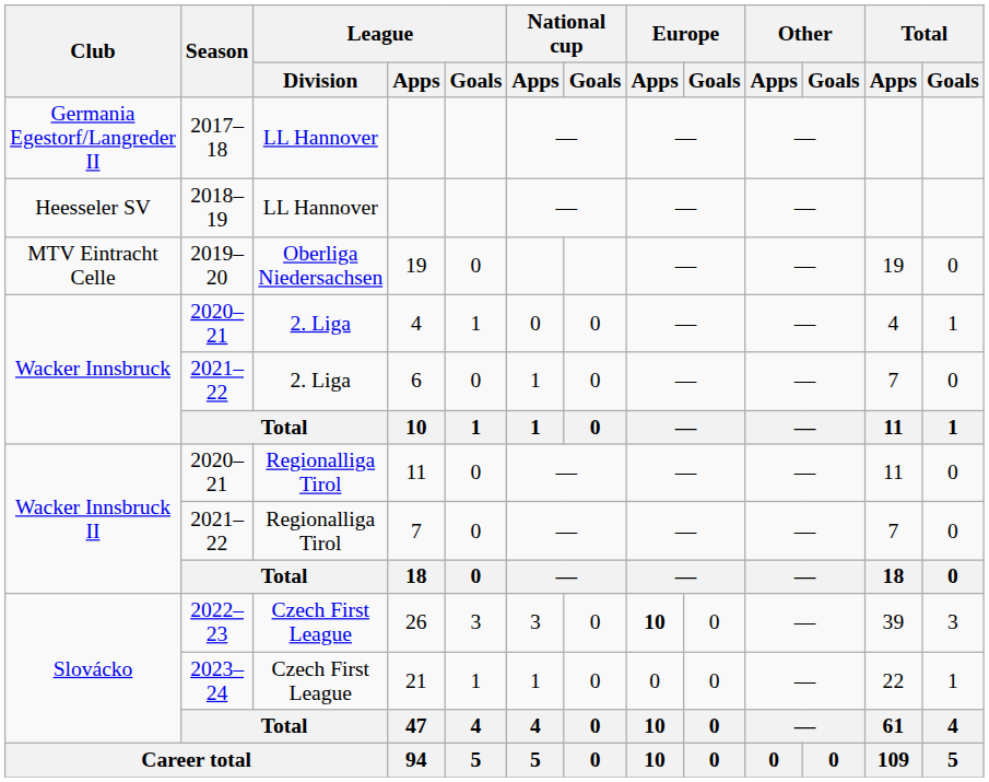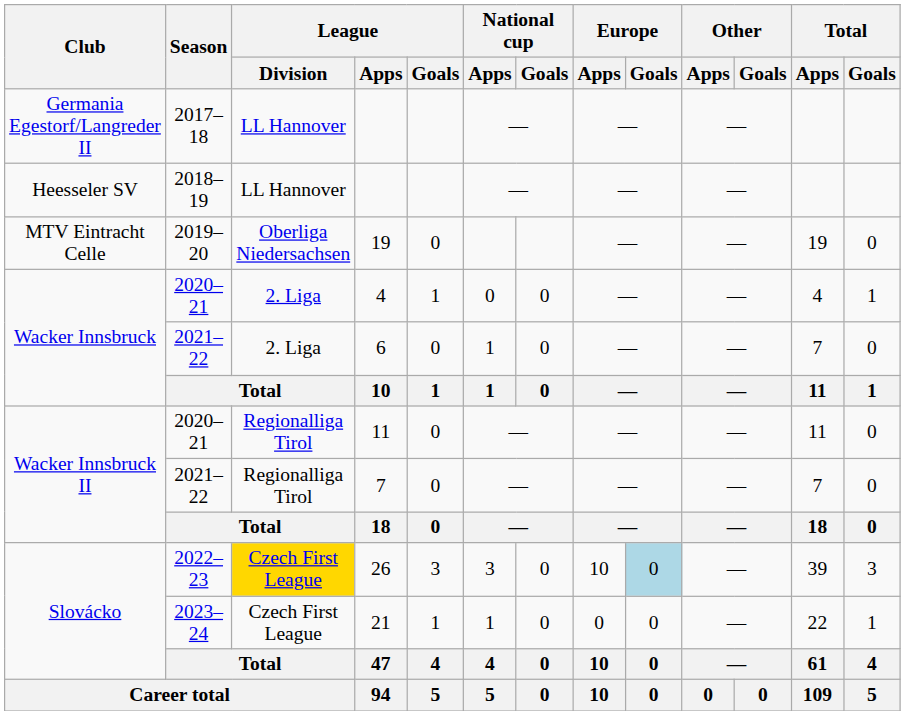 <table class="wikitable" style="text-align: center">
 <tr>
 <th rowspan="2">Club</th>
 <th rowspan="2">Season</th>
 <th colspan="3">League</th>
 <th colspan="2">National cup</th>
 <th colspan="2">Europe</th>
 <th colspan="2">Other</th>
 <th colspan="2">Total</th>
 </tr>
 <tr>
 <th>Division</th>
 <th>Apps</th>
 <th>Goals</th>
 <th>Apps</th>
 <th>Goals</th>
 <th>Apps</th>
 <th>Goals</th>
 <th>Apps</th>
 <th>Goals</th>
 <th>Apps</th>
 <th>Goals</th>
 </tr>
 <tr>
 <td><a href='#'>Germania Egestorf/Langreder II</a></td>
 <td>2017–18</td>
 <td><a href='#'>LL Hannover</a></td>
 <td></td>
 <td></td>
 <td colspan="2">—</td>
 <td colspan="2">—</td>
 <td colspan="2">—</td>
 <td></td>
 <td></td>
 </tr>
 <tr>
 <td>Heesseler SV</td>
 <td>2018–19</td>
 <td>LL Hannover</td>
 <td></td>
 <td></td>
 <td colspan="2">—</td>
 <td colspan="2">—</td>
 <td colspan="2">—</td>
 <td></td>
 <td></td>
 </tr>
 <tr>
 <td>MTV Eintracht Celle</td>
 <td>2019–20</td>
 <td><a href='#'>Oberliga Niedersachsen</a></td>
 <td>19</td>
 <td>0</td>
 <td></td>
 <td></td>
 <td colspan="2">—</td>
 <td colspan="2">—</td>
 <td>19</td>
 <td>0</td>
 </tr>
 <tr>
 <td rowspan="3"><a href='#'>Wacker Innsbruck</a></td>
 <td><a href='#'>2020–21</a></td>
 <td><a href='#'>2. Liga</a></td>
 <td>4</td>
 <td>1</td>
 <td>0</td>
 <td>0</td>
 <td colspan="2">—</td>
 <td colspan="2">—</td>
 <td>4</td>
 <td>1</td>
 </tr>
 <tr>
 <td><a href='#'>2021–22</a></td>
 <td>2. Liga</td>
 <td>6</td>
 <td>0</td>
 <td>1</td>
 <td>0</td>
 <td colspan="2">—</td>
 <td colspan="2">—</td>
 <td>7</td>
 <td>0</td>
 </tr>
 <tr>
 <th colspan="2">Total</th>
 <th>10</th>
 <th>1</th>
 <th>1</th>
 <th>0</th>
 <th colspan="2">—</th>
 <th colspan="2">—</th>
 <th>11</th>
 <th>1</th>
 </tr>
 <tr>
 <td rowspan="3"><a href='#'>Wacker Innsbruck II</a></td>
 <td>2020–21</td>
 <td><a href='#'>Regionalliga Tirol</a></td>
 <td>11</td>
 <td>0</td>
 <td colspan="2">—</td>
 <td colspan="2">—</td>
 <td colspan="2">—</td>
 <td>11</td>
 <td>0</td>
 </tr>
 <tr>
 <td>2021–22</td>
 <td>Regionalliga Tirol</td>
 <td>7</td>
 <td>0</td>
 <td colspan="2">—</td>
 <td colspan="2">—</td>
 <td colspan="2">—</td>
 <td>7</td>
 <td>0</td>
 </tr>
 <tr>
 <th colspan="2">Total</th>
 <th>18</th>
 <th>0</th>
 <th colspan="2">—</th>
 <th colspan="2">—</th>
 <th colspan="2">—</th>
 <th>18</th>
 <th>0</th>
 </tr>
 <tr>
 <td rowspan="3"><a href='#'>Slovácko</a></td>
 <td><a href='#'>2022–23</a></td>
-<td><a href='#'>Czech First League</a></td>
+<td style="background: gold;"><a href='#'>Czech First League</a></td>
 <td>26</td>
 <td>3</td>
 <td>3</td>
 <td>0</td>
-<td><strong>10</strong></td>
-<td>0</td>
+<td>10</td>
+<td style="background: lightblue;">0</td>
 <td colspan="2">—</td>
 <td>39</td>
 <td>3</td>
 </tr>
 <tr>
 <td><a href='#'>2023–24</a></td>
 <td>Czech First League</td>
 <td>21</td>
 <td>1</td>
 <td>1</td>
 <td>0</td>
 <td>0</td>
 <td>0</td>
 <td colspan="2">—</td>
 <td>22</td>
 <td>1</td>
 </tr>
 <tr>
 <th colspan="2">Total</th>
 <th>47</th>
 <th>4</th>
 <th>4</th>
 <th>0</th>
 <th>10</th>
 <th>0</th>
 <th colspan="2">—</th>
 <th>61</th>
 <th>4</th>
 </tr>
 <tr>
 <th colspan="3">Career total</th>
 <th>94</th>
 <th>5</th>
 <th>5</th>
 <th>0</th>
 <th>10</th>
 <th>0</th>
 <th>0</th>
 <th>0</th>
 <th>109</th>
 <th>5</th>
 </tr>
 </table>
